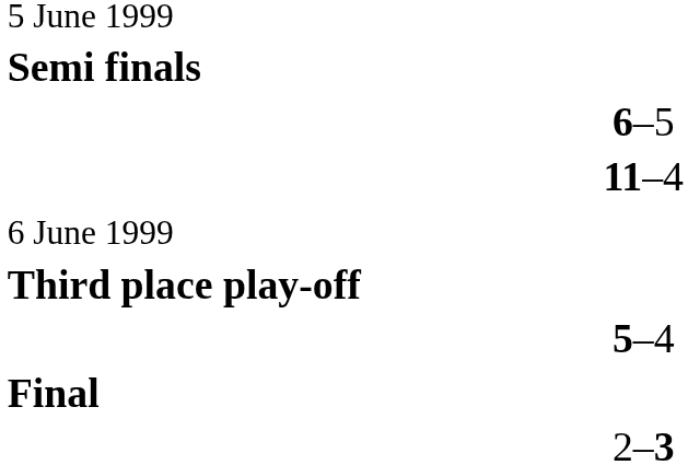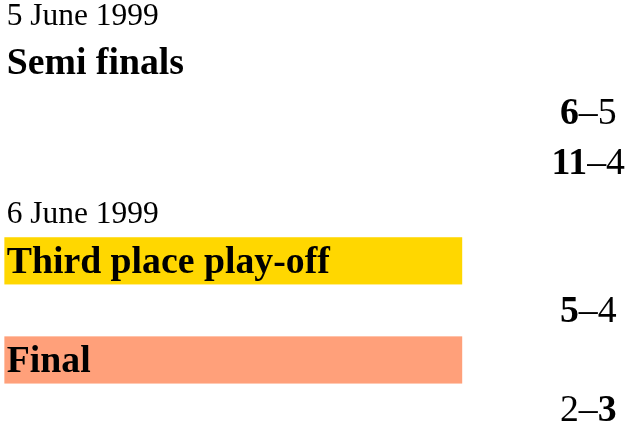 <table width=100% cellspacing=1>
 <tr>
 <th width=22%></th>
 <th width=12%></th>
 <th></th>
 </tr>
 <tr>
 <td><small>5 June 1999</small></td>
 </tr>
 <tr>
 <td><strong>Semi finals</strong></td>
 </tr>
 <tr>
 <td align=right><strong></strong></td>
 <td align=center><strong>6</strong>–5</td>
 <td><strong> </strong></td>
 </tr>
 <tr>
 <td align=right><strong></strong></td>
 <td align=center><strong>11</strong>–4</td>
 <td></td>
 </tr>
 <tr>
 <td><small>6 June 1999</small></td>
 </tr>
 <tr>
-<td><strong>Third place play-off</strong></td>
+<td style="background: gold;"><strong>Third place play-off</strong></td>
 </tr>
 <tr>
 <td align=right><strong></strong></td>
 <td align=center><strong>5</strong>–4</td>
 <td></td>
 </tr>
 <tr>
-<td><strong>Final</strong></td>
+<td style="background: lightsalmon;"><strong>Final</strong></td>
 </tr>
 <tr>
 <td align=right></td>
 <td align=center>2–<strong>3</strong></td>
 <td><strong></strong></td>
 </tr>
 </table>
